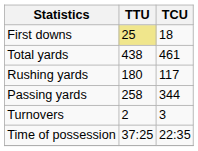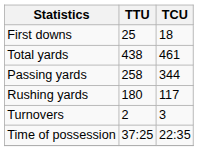 <table class="wikitable" style="float: left;">
 <tr>
 <th>Statistics</th>
 <th>TTU</th>
 <th>TCU</th>
 </tr>
 <tr>
 <td>First downs</td>
-<td style="background: khaki;">25</td>
+<td>25</td>
 <td>18</td>
 </tr>
 <tr>
 <td>Total yards</td>
 <td>438</td>
 <td>461</td>
 </tr>
 <tr>
+<td>Passing yards</td>
+<td>258</td>
+<td>344</td>
+</tr>
+<tr>
 <td>Rushing yards</td>
 <td>180</td>
 <td>117</td>
-</tr>
-<tr>
-<td>Passing yards</td>
-<td>258</td>
-<td>344</td>
 </tr>
 <tr>
 <td>Turnovers</td>
 <td>2</td>
 <td>3</td>
 </tr>
 <tr>
 <td>Time of possession</td>
 <td>37:25</td>
 <td>22:35</td>
 </tr>
 <tr>
 </tr>
 </table>
